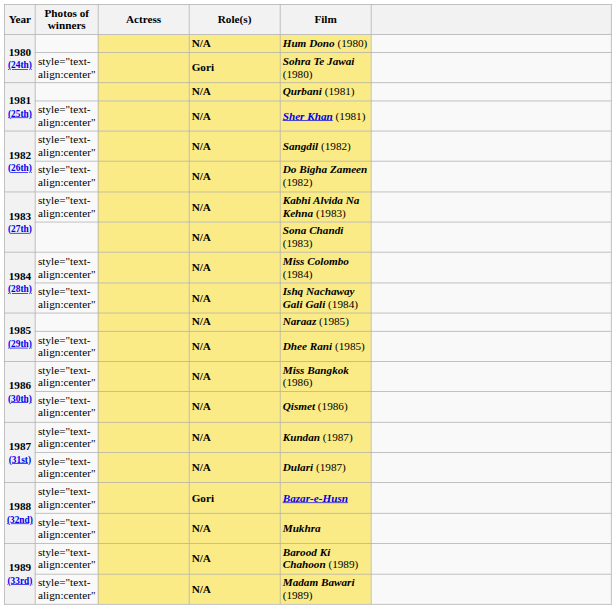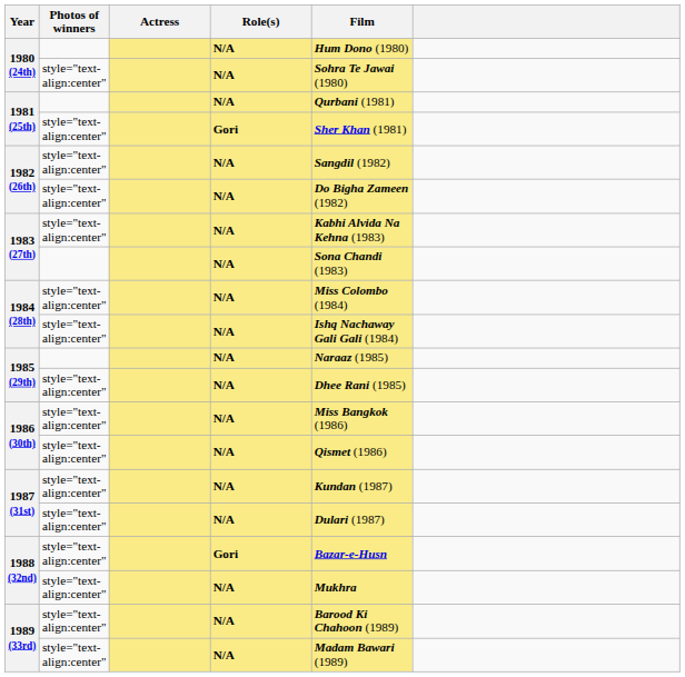 <table class="wikitable sortable" style="text-align:left;">
 <tr>
 <th scope="col" style="width:3%; text-align:center;">Year</th>
 <th scope="col" style="width:3%;text-align:center;">Photos of winners</th>
 <th scope="col" style="width:15%;text-align:center;">Actress</th>
 <th scope="col" style="width:15%;text-align:center;">Role(s)</th>
 <th scope="col" style="width:15%;text-align:center;">Film</th>
 <th scope="col" class="unsortable"></th>
 </tr>
 <tr>
 <th scope="row" rowspan=2 style="text-align:center">1980 <br><small><a href='#'>(24th)</a> </small></th>
 <td style="text-align:center"></td>
 <td style="background:#FAEB86;"><strong></strong> </td>
 <td style="background:#FAEB86;"><strong>N/A</strong></td>
 <td style="background:#FAEB86;"><strong><em>Hum Dono</em></strong> (1980)</td>
 <td></td>
 </tr>
 <tr>
 <td>style="text-align:center" </td>
 <td style="background:#FAEB86;"><strong></strong> </td>
-<td style="background:#FAEB86;"><strong>Gori</strong></td>
+<td style="background:#FAEB86;"><strong>N/A</strong></td>
 <td style="background:#FAEB86;"><strong><em>Sohra Te Jawai</em></strong> (1980)</td>
 <td></td>
 </tr>
 <tr>
 <th scope="row" rowspan=2 style="text-align:center">1981 <br><small><a href='#'>(25th)</a> </small></th>
 <td style="text-align:center"></td>
 <td style="background:#FAEB86;"><strong></strong> </td>
 <td style="background:#FAEB86;"><strong>N/A</strong></td>
 <td style="background:#FAEB86;"><strong><em>Qurbani</em></strong> (1981)</td>
 <td></td>
 </tr>
 <tr>
 <td>style="text-align:center" </td>
 <td style="background:#FAEB86;"><strong></strong> </td>
-<td style="background:#FAEB86;"><strong>N/A</strong></td>
+<td style="background:#FAEB86;"><strong>Gori</strong></td>
 <td style="background:#FAEB86;"><strong><em><a href='#'>Sher Khan</a></em></strong> (1981)</td>
 <td></td>
 </tr>
 <tr>
 <th scope="row" rowspan=2 style="text-align:center">1982 <br><small><a href='#'>(26th)</a> </small></th>
 <td>style="text-align:center" </td>
 <td style="background:#FAEB86;"><strong></strong> </td>
 <td style="background:#FAEB86;"><strong>N/A</strong></td>
 <td style="background:#FAEB86;"><strong><em>Sangdil</em></strong> (1982)</td>
 <td></td>
 </tr>
 <tr>
 <td>style="text-align:center" </td>
 <td style="background:#FAEB86;"><strong></strong> </td>
 <td style="background:#FAEB86;"><strong>N/A</strong></td>
 <td style="background:#FAEB86;"><strong><em>Do Bigha Zameen</em></strong> (1982)</td>
 <td></td>
 </tr>
 <tr>
 <th scope="row" rowspan=2 style="text-align:center">1983 <br><small><a href='#'>(27th)</a> </small></th>
 <td>style="text-align:center" </td>
 <td style="background:#FAEB86;"><strong></strong> </td>
 <td style="background:#FAEB86;"><strong>N/A</strong></td>
 <td style="background:#FAEB86;"><strong><em>Kabhi Alvida Na Kehna</em></strong> (1983)</td>
 <td></td>
 </tr>
 <tr>
 <td style="text-align:center"></td>
 <td style="background:#FAEB86;"><strong></strong> </td>
 <td style="background:#FAEB86;"><strong>N/A</strong></td>
 <td style="background:#FAEB86;"><strong><em>Sona Chandi</em></strong> (1983)</td>
 <td></td>
 </tr>
 <tr>
 <th scope="row" rowspan=2 style="text-align:center">1984 <br><small><a href='#'>(28th)</a> </small></th>
 <td>style="text-align:center" </td>
 <td style="background:#FAEB86;"><strong></strong> </td>
 <td style="background:#FAEB86;"><strong>N/A</strong></td>
 <td style="background:#FAEB86;"><strong><em>Miss Colombo</em></strong> (1984)</td>
 <td></td>
 </tr>
 <tr>
 <td>style="text-align:center" </td>
 <td style="background:#FAEB86;"><strong></strong> </td>
 <td style="background:#FAEB86;"><strong>N/A</strong></td>
 <td style="background:#FAEB86;"><strong><em>Ishq Nachaway Gali Gali</em></strong> (1984)</td>
 <td></td>
 </tr>
 <tr>
 <th scope="row" rowspan=2 style="text-align:center">1985 <br><small><a href='#'>(29th)</a> </small></th>
 <td style="text-align:center"></td>
 <td style="background:#FAEB86;"><strong></strong> </td>
 <td style="background:#FAEB86;"><strong>N/A</strong></td>
 <td style="background:#FAEB86;"><strong><em>Naraaz</em></strong> (1985)</td>
 <td></td>
 </tr>
 <tr>
 <td>style="text-align:center" </td>
 <td style="background:#FAEB86;"><strong></strong> </td>
 <td style="background:#FAEB86;"><strong>N/A</strong></td>
 <td style="background:#FAEB86;"><strong><em>Dhee Rani</em></strong> (1985)</td>
 <td></td>
 </tr>
 <tr>
 <th scope="row" rowspan=2 style="text-align:center">1986 <br><small><a href='#'>(30th)</a> </small></th>
 <td>style="text-align:center" </td>
 <td style="background:#FAEB86;"><strong></strong> </td>
 <td style="background:#FAEB86;"><strong>N/A</strong></td>
 <td style="background:#FAEB86;"><strong><em>Miss Bangkok</em></strong> (1986)</td>
 <td></td>
 </tr>
 <tr>
 <td>style="text-align:center" </td>
 <td style="background:#FAEB86;"><strong></strong> </td>
 <td style="background:#FAEB86;"><strong>N/A</strong></td>
 <td style="background:#FAEB86;"><strong><em>Qismet</em></strong> (1986)</td>
 <td></td>
 </tr>
 <tr>
 <th scope="row" rowspan=2 style="text-align:center">1987 <br><small><a href='#'>(31st)</a> </small></th>
 <td>style="text-align:center" </td>
 <td style="background:#FAEB86;"><strong></strong> </td>
 <td style="background:#FAEB86;"><strong>N/A</strong></td>
 <td style="background:#FAEB86;"><strong><em>Kundan</em></strong> (1987)</td>
 <td></td>
 </tr>
 <tr>
 <td>style="text-align:center" </td>
 <td style="background:#FAEB86;"><strong></strong> </td>
 <td style="background:#FAEB86;"><strong>N/A</strong></td>
 <td style="background:#FAEB86;"><strong><em>Dulari</em></strong> (1987)</td>
 <td></td>
 </tr>
 <tr>
 <th scope="row" rowspan=2 style="text-align:center">1988 <br><small><a href='#'>(32nd)</a> </small></th>
 <td>style="text-align:center" </td>
 <td style="background:#FAEB86;"><strong></strong> </td>
 <td style="background:#FAEB86;"><strong>Gori</strong></td>
 <td style="background:#FAEB86;"><strong><em><a href='#'>Bazar-e-Husn</a></em></strong></td>
 <td></td>
 </tr>
 <tr>
 <td>style="text-align:center" </td>
 <td style="background:#FAEB86;"><strong></strong> </td>
 <td style="background:#FAEB86;"><strong>N/A</strong></td>
 <td style="background:#FAEB86;"><strong><em>Mukhra</em></strong></td>
 <td></td>
 </tr>
 <tr>
 <th scope="row" rowspan=3 style="text-align:center">1989 <br><small><a href='#'>(33rd)</a> </small></th>
 <td>style="text-align:center" </td>
 <td style="background:#FAEB86;"><strong></strong> </td>
 <td style="background:#FAEB86;"><strong>N/A</strong></td>
 <td style="background:#FAEB86;"><strong><em>Barood Ki Chahoon</em></strong> (1989)</td>
 <td></td>
 </tr>
 <tr>
 <td>style="text-align:center" </td>
 <td style="background:#FAEB86;"><strong></strong> </td>
 <td style="background:#FAEB86;"><strong>N/A</strong></td>
 <td style="background:#FAEB86;"><strong><em>Madam Bawari</em></strong> (1989)</td>
 <td></td>
 </tr>
 </table>
